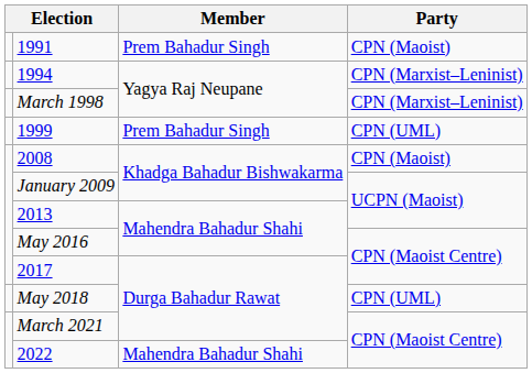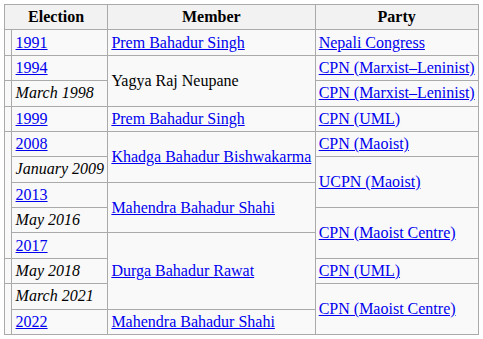 <table class="wikitable">
 <tr>
 <th colspan="2">Election</th>
 <th>Member</th>
 <th>Party</th>
 </tr>
 <tr>
 <td style="color:inherit;background:"></td>
 <td><a href='#'>1991</a></td>
 <td><a href='#'>Prem Bahadur Singh</a></td>
-<td><a href='#'>CPN (Maoist)</a></td>
+<td><a href='#'>Nepali Congress</a></td>
 </tr>
 <tr>
 <td style="color:inherit;background:"></td>
 <td><a href='#'>1994</a></td>
 <td rowspan="2">Yagya Raj Neupane</td>
 <td><a href='#'>CPN (Marxist–Leninist)</a></td>
 </tr>
 <tr>
 <td style="color:inherit;background:"></td>
 <td><em>March 1998</em></td>
 <td><a href='#'>CPN (Marxist–Leninist)</a></td>
 </tr>
 <tr>
 <td style="color:inherit;background:"></td>
 <td><a href='#'>1999</a></td>
 <td><a href='#'>Prem Bahadur Singh</a></td>
 <td><a href='#'>CPN (UML)</a></td>
 </tr>
 <tr>
 <td rowspan="5" style="color:inherit;background:"></td>
 <td><a href='#'>2008</a></td>
 <td rowspan="2"><a href='#'>Khadga Bahadur Bishwakarma</a></td>
 <td><a href='#'>CPN (Maoist)</a></td>
 </tr>
 <tr>
 <td><em>January 2009</em></td>
 <td rowspan="2"><a href='#'>UCPN (Maoist)</a></td>
 </tr>
 <tr>
 <td><a href='#'>2013</a></td>
 <td rowspan="2"><a href='#'>Mahendra Bahadur Shahi</a></td>
 </tr>
 <tr>
 <td><em>May 2016</em></td>
 <td rowspan="2"><a href='#'>CPN (Maoist Centre)</a></td>
 </tr>
 <tr>
 <td><a href='#'>2017</a></td>
 <td rowspan="3"><a href='#'>Durga Bahadur Rawat</a></td>
 </tr>
 <tr>
 <td style="color:inherit;background:"></td>
 <td><em>May 2018</em></td>
 <td><a href='#'>CPN (UML)</a></td>
 </tr>
 <tr>
 <td rowspan="2" style="color:inherit;background:"></td>
 <td><em>March 2021</em></td>
 <td rowspan="2"><a href='#'>CPN (Maoist Centre)</a></td>
 </tr>
 <tr>
 <td><a href='#'>2022</a></td>
 <td><a href='#'>Mahendra Bahadur Shahi</a></td>
 </tr>
 </table>
